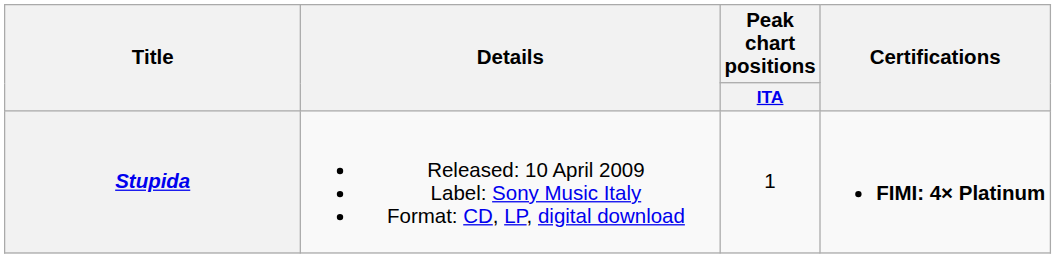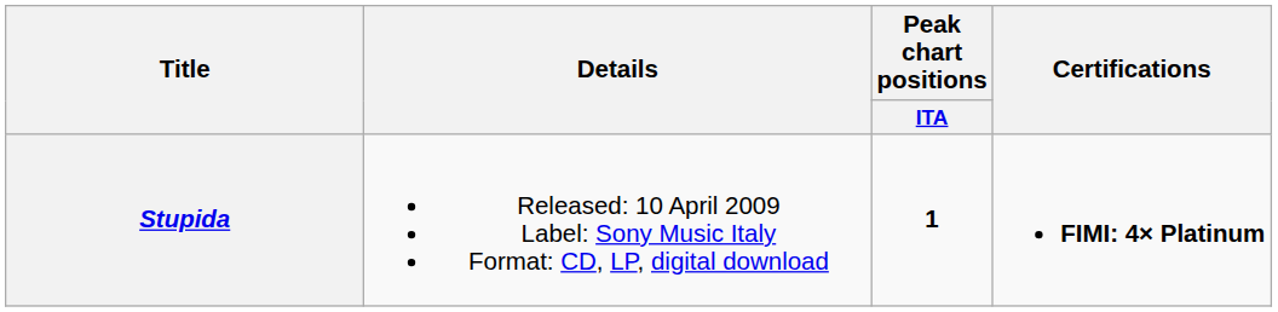 <table class="wikitable plainrowheaders" style="text-align:center;">
 <tr>
 <th rowspan="2" scope="col" style="width:14em;">Title</th>
 <th rowspan="2" scope="col" style="width:20em;">Details</th>
 <th colspan="1" scope="col">Peak chart positions</th>
 <th rowspan="2" scope="col">Certifications</th>
 </tr>
 <tr>
 <th scope="col" style="width:3em;font-size:85%;"><a href='#'>ITA</a><br></th>
 </tr>
 <tr>
 <th scope="row"><em><a href='#'>Stupida</a></em></th>
 <td><br><ul><li>Released: 10 April 2009</li><li>Label: <a href='#'>Sony Music Italy</a></li><li>Format: <a href='#'>CD</a>, <a href='#'>LP</a>, <a href='#'>digital download</a></li></ul></td>
-<td>1</td>
+<td><strong>1</strong></td>
 <td><strong><br><ul><li>FIMI: 4× Platinum</li></ul></strong></td>
 </tr>
 </table>
